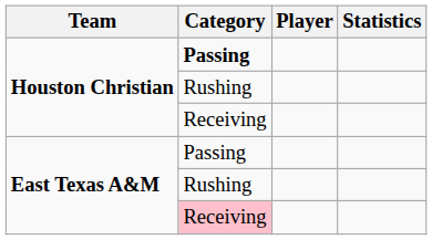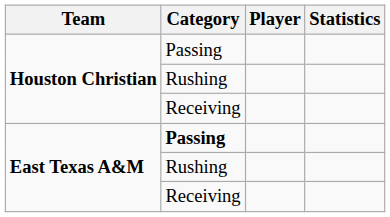 <table class="wikitable" style="float: right;">
 <tr>
 <th>Team</th>
 <th>Category</th>
 <th>Player</th>
 <th>Statistics</th>
 </tr>
 <tr>
 <td rowspan=3><strong>Houston Christian</strong></td>
-<td><strong>Passing</strong></td>
+<td>Passing</td>
 <td></td>
 <td></td>
 </tr>
 <tr>
 <td>Rushing</td>
 <td></td>
 <td></td>
 </tr>
 <tr>
 <td>Receiving</td>
 <td></td>
 <td></td>
 </tr>
 <tr>
 <td rowspan=3><strong>East Texas A&M</strong></td>
-<td>Passing</td>
+<td><strong>Passing</strong></td>
 <td></td>
 <td></td>
 </tr>
 <tr>
 <td>Rushing</td>
 <td></td>
 <td></td>
 </tr>
 <tr>
-<td style="background: pink;">Receiving</td>
+<td>Receiving</td>
 <td></td>
 <td></td>
 </tr>
 </table>
